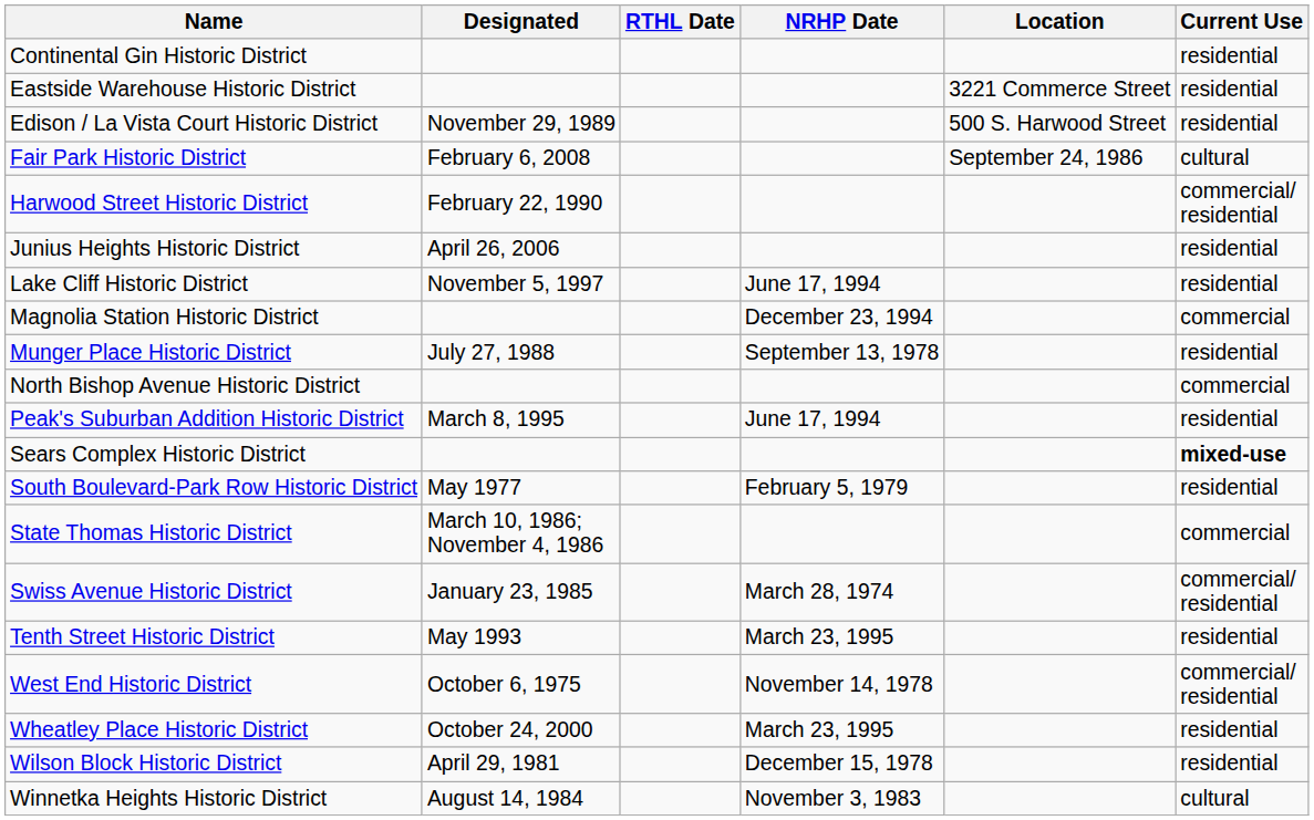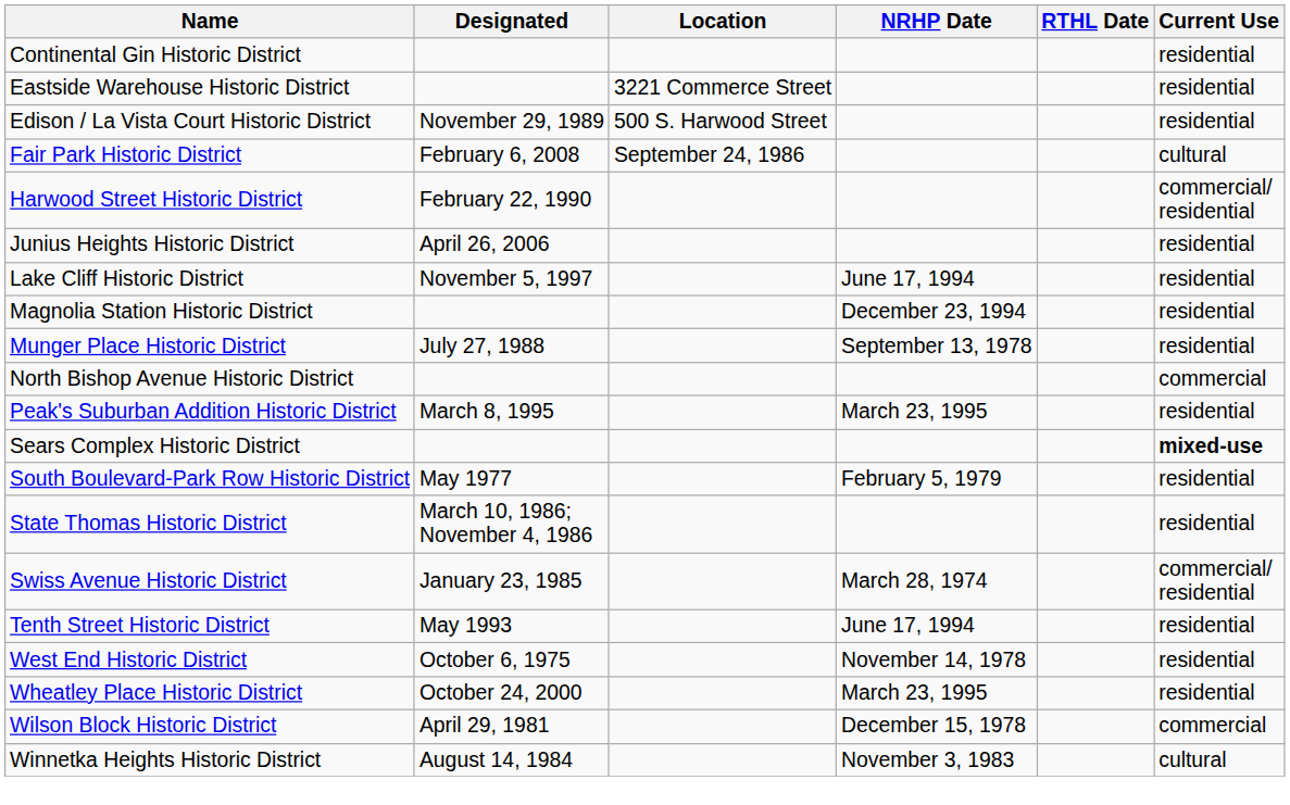 <table class="wikitable sortable">
 <tr>
 <th style="background-color:">Name</th>
 <th style="background-color:">Designated</th>
+<th style="background-color:">Location</th>
+<th style="background-color:"><a href='#'>NRHP</a> Date</th>
 <th style="background-color:"><a href='#'>RTHL</a> Date</th>
-<th style="background-color:"><a href='#'>NRHP</a> Date</th>
-<th style="background-color:">Location</th>
 <th style="background-color:">Current Use</th>
 </tr>
 <tr>
 <td>Continental Gin Historic District</td>
 <td></td>
 <td></td>
 <td></td>
 <td></td>
 <td>residential</td>
 </tr>
 <tr>
 <td>Eastside Warehouse Historic District</td>
 <td></td>
+<td>3221 Commerce Street</td>
 <td></td>
 <td></td>
-<td>3221 Commerce Street</td>
 <td>residential</td>
 </tr>
 <tr>
 <td>Edison / La Vista Court Historic District</td>
 <td>November 29, 1989</td>
+<td>500 S. Harwood Street</td>
 <td></td>
 <td></td>
-<td>500 S. Harwood Street</td>
 <td>residential</td>
 </tr>
 <tr>
 <td><a href='#'>Fair Park Historic District</a></td>
 <td>February 6, 2008</td>
+<td>September 24, 1986</td>
 <td></td>
 <td></td>
-<td>September 24, 1986</td>
 <td>cultural</td>
 </tr>
 <tr>
 <td><a href='#'>Harwood Street Historic District</a></td>
 <td>February 22, 1990</td>
 <td></td>
 <td></td>
 <td></td>
 <td>commercial/<br>residential</td>
 </tr>
 <tr>
 <td>Junius Heights Historic District</td>
 <td>April 26, 2006</td>
 <td></td>
 <td></td>
 <td></td>
 <td>residential</td>
 </tr>
 <tr>
 <td>Lake Cliff Historic District</td>
 <td>November 5, 1997</td>
 <td></td>
 <td>June 17, 1994</td>
 <td></td>
 <td>residential</td>
 </tr>
 <tr>
 <td>Magnolia Station Historic District</td>
 <td></td>
 <td></td>
 <td>December 23, 1994</td>
 <td></td>
-<td>commercial</td>
+<td>residential</td>
 </tr>
 <tr>
 <td><a href='#'>Munger Place Historic District</a></td>
 <td>July 27, 1988</td>
 <td></td>
 <td>September 13, 1978</td>
 <td></td>
 <td>residential</td>
 </tr>
 <tr>
 <td>North Bishop Avenue Historic District</td>
 <td></td>
 <td></td>
 <td></td>
 <td></td>
 <td>commercial</td>
 </tr>
 <tr>
 <td><a href='#'>Peak's Suburban Addition Historic District</a></td>
 <td>March 8, 1995</td>
 <td></td>
-<td>June 17, 1994</td>
+<td>March 23, 1995</td>
 <td></td>
 <td>residential</td>
 </tr>
 <tr>
 <td>Sears Complex Historic District</td>
 <td></td>
 <td></td>
 <td></td>
 <td></td>
 <td><strong>mixed-use</strong></td>
 </tr>
 <tr>
 <td><a href='#'>South Boulevard-Park Row Historic District</a></td>
 <td>May 1977</td>
 <td></td>
 <td>February 5, 1979</td>
 <td></td>
 <td>residential</td>
 </tr>
 <tr>
 <td><a href='#'>State Thomas Historic District</a></td>
 <td>March 10, 1986;<br>November 4, 1986</td>
 <td></td>
 <td></td>
 <td></td>
-<td>commercial</td>
+<td>residential</td>
 </tr>
 <tr>
 <td><a href='#'>Swiss Avenue Historic District</a></td>
 <td>January 23, 1985</td>
 <td></td>
 <td>March 28, 1974</td>
 <td></td>
 <td>commercial/<br>residential</td>
 </tr>
 <tr>
 <td><a href='#'>Tenth Street Historic District</a></td>
 <td>May 1993</td>
 <td></td>
-<td>March 23, 1995</td>
+<td>June 17, 1994</td>
 <td></td>
 <td>residential</td>
 </tr>
 <tr>
 <td><a href='#'>West End Historic District</a></td>
 <td>October 6, 1975</td>
 <td></td>
 <td>November 14, 1978</td>
 <td></td>
-<td>commercial/<br>residential</td>
+<td>residential</td>
 </tr>
 <tr>
 <td><a href='#'>Wheatley Place Historic District</a></td>
 <td>October 24, 2000</td>
 <td></td>
 <td>March 23, 1995</td>
 <td></td>
 <td>residential</td>
 </tr>
 <tr>
 <td><a href='#'>Wilson Block Historic District</a></td>
 <td>April 29, 1981</td>
 <td></td>
 <td>December 15, 1978</td>
 <td></td>
-<td>residential</td>
+<td>commercial</td>
 </tr>
 <tr>
 <td>Winnetka Heights Historic District</td>
 <td>August 14, 1984</td>
 <td></td>
 <td>November 3, 1983</td>
 <td></td>
 <td>cultural</td>
 </tr>
 </table>
